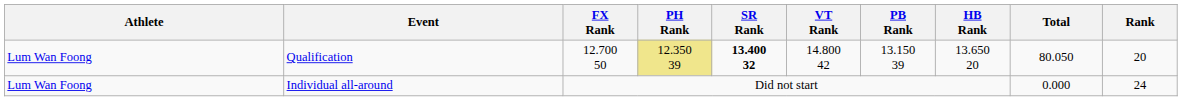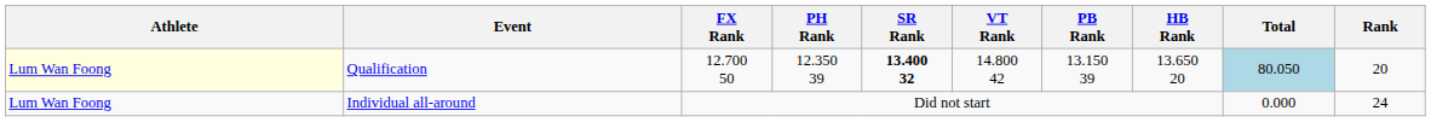 <table class="wikitable" width="68%" style="text-align:center; font-size:90%">
 <tr>
 <th width="15%">Athlete</th>
 <th width="15%">Event</th>
 <th width="4%"><a href='#'>FX</a><br>Rank</th>
 <th width="4%"><a href='#'>PH</a><br>Rank</th>
 <th width="4%"><a href='#'>SR</a><br>Rank</th>
 <th width="4%"><a href='#'>VT</a><br>Rank</th>
 <th width="4%"><a href='#'>PB</a><br>Rank</th>
 <th width="4%"><a href='#'>HB</a><br>Rank</th>
 <th width="5%">Total</th>
 <th width="4%">Rank</th>
 </tr>
 <tr>
-<td align="left"><a href='#'>Lum Wan Foong</a></td>
+<td align="left" style="background: lightyellow;"><a href='#'>Lum Wan Foong</a></td>
 <td align="left"><a href='#'>Qualification</a></td>
 <td>12.700<br>50</td>
-<td style="background: khaki;">12.350<br>39</td>
+<td>12.350<br>39</td>
 <td><strong>13.400<br>32</strong></td>
 <td>14.800<br>42</td>
 <td>13.150<br>39</td>
 <td>13.650<br>20</td>
-<td>80.050</td>
+<td style="background: lightblue;">80.050</td>
 <td>20 <strong></strong></td>
 </tr>
 <tr>
 <td align="left"><a href='#'>Lum Wan Foong</a></td>
 <td align="left"><a href='#'>Individual all-around</a></td>
 <td colspan=6>Did not start</td>
 <td>0.000</td>
 <td>24</td>
 </tr>
 </table>
